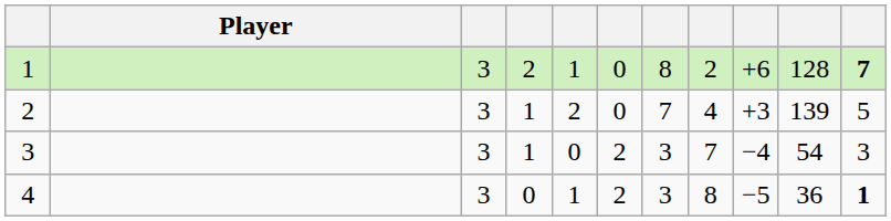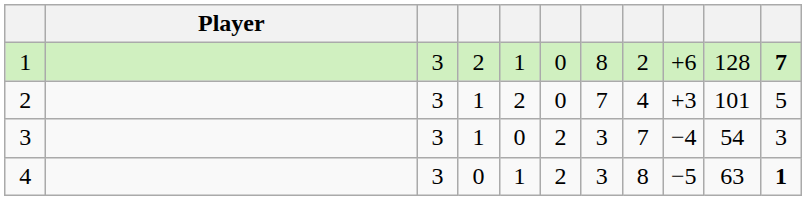 <table class="wikitable" style="text-align:center; margin: 1em auto 1em auto, align:left">
 <tr>
 <th width=20></th>
 <th width=240>Player</th>
 <th width=20></th>
 <th width=20></th>
 <th width=20></th>
 <th width=20></th>
 <th width=20></th>
 <th width=20></th>
 <th width=20></th>
 <th width=30></th>
 <th width=20></th>
 </tr>
 <tr style="background:#D0F0C0;">
 <td>1</td>
 <td align=left></td>
 <td>3</td>
 <td>2</td>
 <td>1</td>
 <td>0</td>
 <td>8</td>
 <td>2</td>
 <td>+6</td>
 <td>128</td>
 <td><strong>7</strong></td>
 </tr>
 <tr style=>
 <td>2</td>
 <td align=left></td>
 <td>3</td>
 <td>1</td>
 <td>2</td>
 <td>0</td>
 <td>7</td>
 <td>4</td>
 <td>+3</td>
-<td>139</td>
+<td>101</td>
 <td>5</td>
 </tr>
 <tr style=>
 <td>3</td>
 <td align=left></td>
 <td>3</td>
 <td>1</td>
 <td>0</td>
 <td>2</td>
 <td>3</td>
 <td>7</td>
 <td>−4</td>
 <td>54</td>
 <td>3</td>
 </tr>
 <tr style=>
 <td>4</td>
 <td align=left></td>
 <td>3</td>
 <td>0</td>
 <td>1</td>
 <td>2</td>
 <td>3</td>
 <td>8</td>
 <td>−5</td>
-<td>36</td>
+<td>63</td>
 <td><strong>1</strong></td>
 </tr>
 </table>
